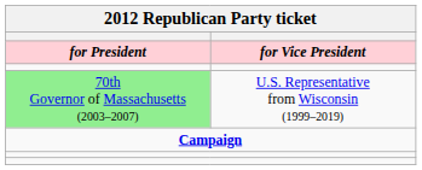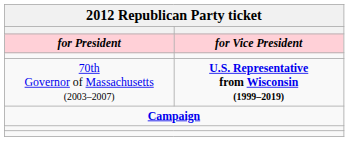 <table class="wikitable" style="font-size:90%; text-align:center;">
 <tr>
 <td style="background:#F1F1F1;" colspan="30"><big><strong>2012 Republican Party ticket</strong></big></td>
 </tr>
 <tr>
 <th style="width:3em; font-size:135%; background:"><a href='#'></a></th>
 <th style="width:3em; font-size:135%; background:"><a href='#'></a></th>
 </tr>
 <tr>
 <td style="width:3em; font-size:100%; color:#000; background:#FFD0D7; width:200px;"><strong><em>for President</em></strong></td>
 <td style="width:3em; font-size:100%; color:#000; background:#FFD0D7; width:200px;"><strong><em>for Vice President</em></strong></td>
 </tr>
 <tr>
 <td></td>
 <td></td>
 </tr>
 <tr>
-<td style="background: lightgreen;"><a href='#'>70th</a><br><a href='#'>Governor</a> of <a href='#'>Massachusetts</a><br><small>(2003–2007)</small></td>
-<td><a href='#'>U.S. Representative</a><br>from <a href='#'>Wisconsin</a><br><small>(1999–2019)</small></td>
+<td><a href='#'>70th</a><br><a href='#'>Governor</a> of <a href='#'>Massachusetts</a><br><small>(2003–2007)</small></td>
+<td><strong><a href='#'>U.S. Representative</a><br>from <a href='#'>Wisconsin</a><br><small>(1999–2019)</small></strong></td>
 </tr>
 <tr>
 <td colspan=2><a href='#'><strong>Campaign</strong></a></td>
 </tr>
 <tr>
 <td colspan=2></td>
 </tr>
 <tr>
 <td colspan=2> </td>
 </tr>
 </table>
